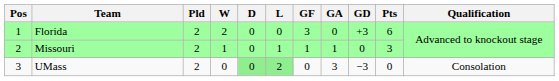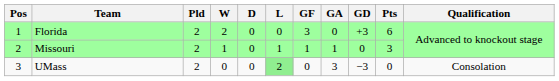 <table class="wikitable" style="text-align:center; margin: 1em auto">
 <tr>
 <th style="width:2em">Pos</th>
 <th style="width:13em">Team</th>
 <th style="width:2em">Pld</th>
 <th style="width:2em">W</th>
 <th style="width:2em">D</th>
 <th style="width:2em">L</th>
 <th style="width:2em">GF</th>
 <th style="width:2em">GA</th>
 <th style="width:2em">GD</th>
 <th style="width:2em">Pts</th>
 <th style="width:13em">Qualification</th>
 </tr>
 <tr bgcolor="#9eff9e">
 <td>1</td>
 <td style="text-align:left">Florida</td>
 <td>2</td>
 <td>2</td>
 <td>0</td>
 <td>0</td>
 <td>3</td>
 <td>0</td>
 <td>+3</td>
 <td>6</td>
 <td rowspan="2">Advanced to knockout stage</td>
 </tr>
 <tr bgcolor="#9eff9e">
 <td>2</td>
 <td style="text-align:left">Missouri</td>
 <td>2</td>
 <td>1</td>
 <td>0</td>
 <td>1</td>
 <td>1</td>
 <td>1</td>
 <td>0</td>
 <td>3</td>
 </tr>
 <tr>
 <td>3</td>
 <td style="text-align:left">UMass</td>
 <td>2</td>
 <td>0</td>
-<td style="background: lightgreen;">0</td>
+<td>0</td>
 <td style="background: lightgreen;">2</td>
 <td>0</td>
 <td>3</td>
 <td>−3</td>
 <td>0</td>
 <td>Consolation</td>
 </tr>
 </table>
